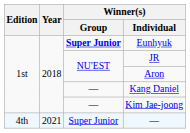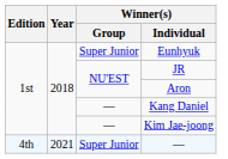 <table class="wikitable" style="text-align:center">
 <tr>
 <th rowspan="2">Edition</th>
 <th rowspan="2">Year</th>
 <th colspan="7">Winner(s)</th>
 </tr>
 <tr>
 <th>Group</th>
 <th>Individual</th>
 </tr>
 <tr>
 <td rowspan="5">1st</td>
 <td rowspan="5">2018</td>
-<td><strong><a href='#'>Super Junior</a></strong></td>
+<td><a href='#'>Super Junior</a></td>
 <td><a href='#'>Eunhyuk</a></td>
 </tr>
 <tr>
 <td rowspan="2"><a href='#'>NU'EST</a></td>
 <td><a href='#'>JR</a></td>
 </tr>
 <tr>
 <td><a href='#'>Aron</a></td>
 </tr>
 <tr>
 <td>—</td>
 <td><a href='#'>Kang Daniel</a></td>
 </tr>
 <tr>
 <td>—</td>
 <td><a href='#'>Kim Jae-joong</a></td>
 </tr>
 <tr style="background:#f0f8ff;">
 <td>4th</td>
 <td>2021</td>
 <td><a href='#'>Super Junior</a></td>
 <td>—</td>
 </tr>
 </table>
